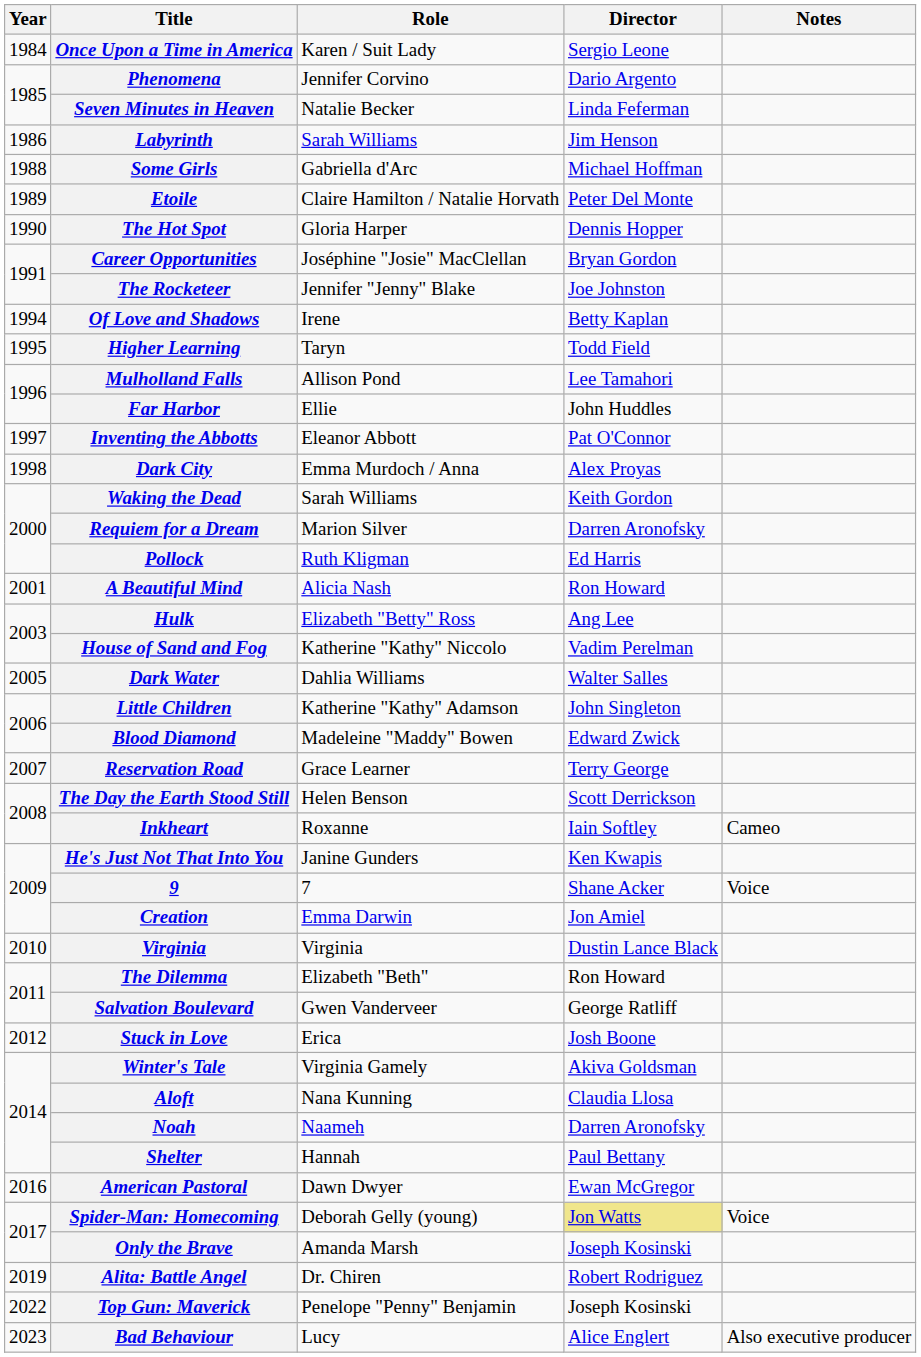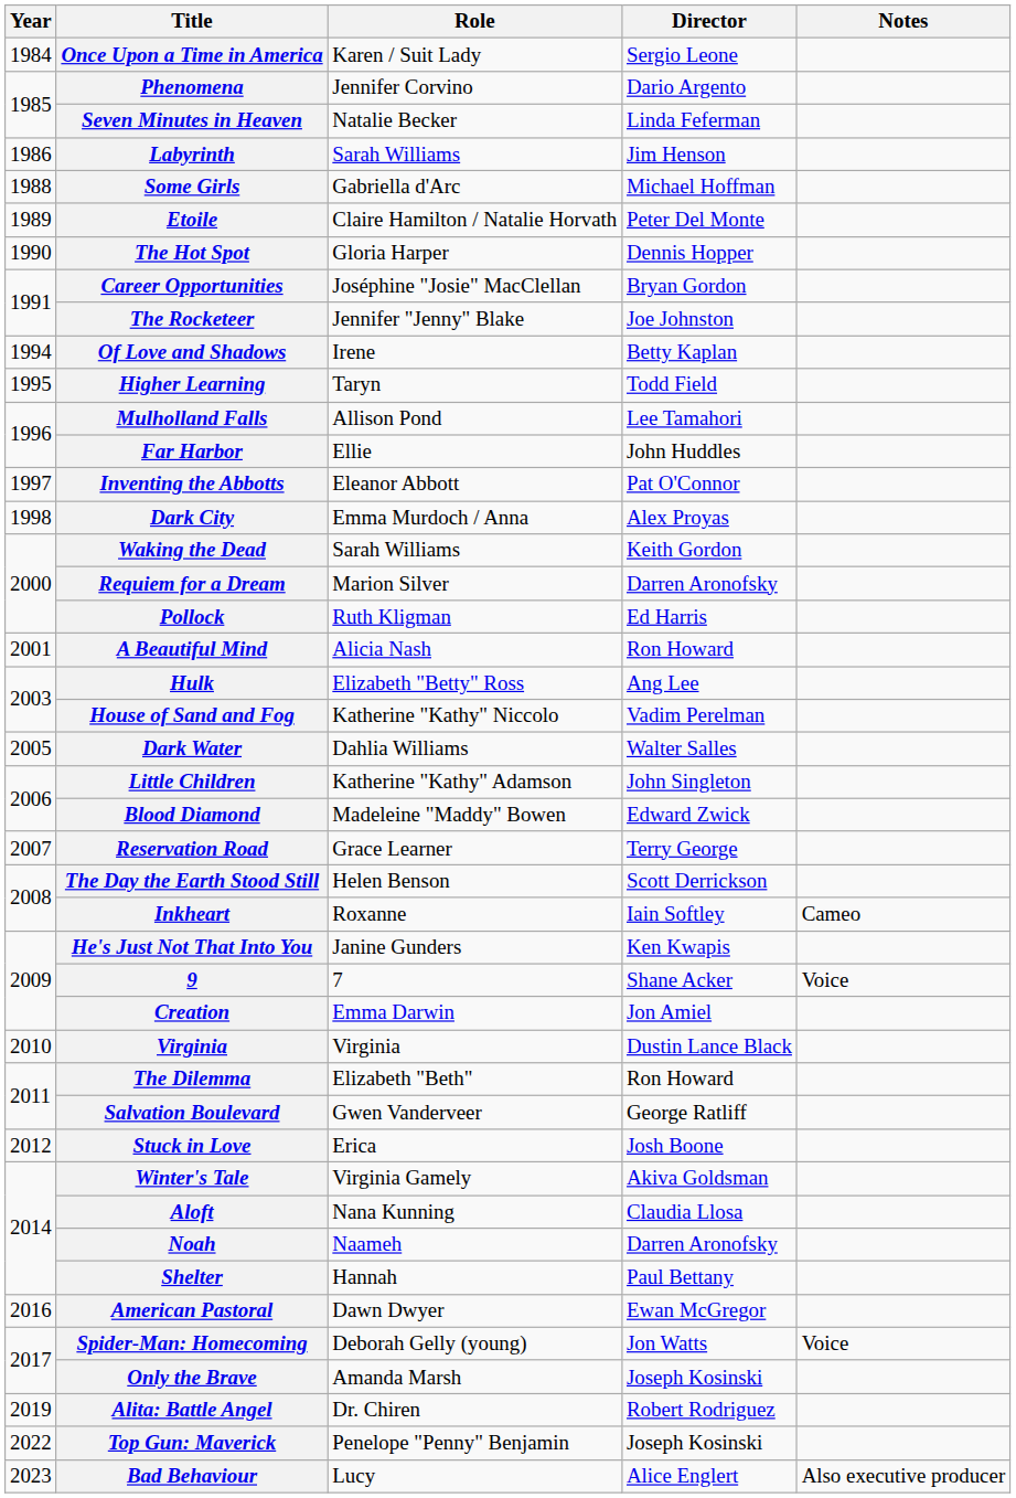 <table class="wikitable plainrowheaders sortable">
 <tr>
 <th>Year</th>
 <th>Title</th>
 <th>Role</th>
 <th>Director</th>
 <th class="unsortable">Notes</th>
 </tr>
 <tr>
 <td>1984</td>
 <th scope="row"><em><a href='#'>Once Upon a Time in America</a></em></th>
 <td>Karen / Suit Lady</td>
 <td><a href='#'>Sergio Leone</a></td>
 <td></td>
 </tr>
 <tr>
 <td rowspan="2">1985</td>
 <th scope="row"><em><a href='#'>Phenomena</a></em></th>
 <td>Jennifer Corvino</td>
 <td><a href='#'>Dario Argento</a></td>
 <td></td>
 </tr>
 <tr>
 <th scope="row"><em><a href='#'>Seven Minutes in Heaven</a></em></th>
 <td>Natalie Becker</td>
 <td><a href='#'>Linda Feferman</a></td>
 <td></td>
 </tr>
 <tr>
 <td>1986</td>
 <th scope="row"><em><a href='#'>Labyrinth</a></em></th>
 <td><a href='#'>Sarah Williams</a></td>
 <td><a href='#'>Jim Henson</a></td>
 <td></td>
 </tr>
 <tr>
 <td>1988</td>
 <th scope="row"><em><a href='#'>Some Girls</a></em></th>
 <td>Gabriella d'Arc</td>
 <td><a href='#'>Michael Hoffman</a></td>
 <td></td>
 </tr>
 <tr>
 <td>1989</td>
 <th scope="row"><em><a href='#'>Etoile</a></em></th>
 <td>Claire Hamilton / Natalie Horvath</td>
 <td><a href='#'>Peter Del Monte</a></td>
 <td></td>
 </tr>
 <tr>
 <td>1990</td>
 <th scope="row"><em><a href='#'>The Hot Spot</a></em></th>
 <td>Gloria Harper</td>
 <td><a href='#'>Dennis Hopper</a></td>
 <td></td>
 </tr>
 <tr>
 <td rowspan="2">1991</td>
 <th scope="row"><em><a href='#'>Career Opportunities</a></em></th>
 <td>Joséphine "Josie" MacClellan</td>
 <td><a href='#'>Bryan Gordon</a></td>
 <td></td>
 </tr>
 <tr>
 <th scope="row"><em><a href='#'>The Rocketeer</a></em></th>
 <td>Jennifer "Jenny" Blake</td>
 <td><a href='#'>Joe Johnston</a></td>
 <td></td>
 </tr>
 <tr>
 <td>1994</td>
 <th scope="row"><em><a href='#'>Of Love and Shadows</a></em></th>
 <td>Irene</td>
 <td><a href='#'>Betty Kaplan</a></td>
 <td></td>
 </tr>
 <tr>
 <td>1995</td>
 <th scope="row"><em><a href='#'>Higher Learning</a></em></th>
 <td>Taryn</td>
 <td><a href='#'>Todd Field</a></td>
 <td></td>
 </tr>
 <tr>
 <td rowspan="2">1996</td>
 <th scope="row"><em><a href='#'>Mulholland Falls</a></em></th>
 <td>Allison Pond</td>
 <td><a href='#'>Lee Tamahori</a></td>
 <td></td>
 </tr>
 <tr>
 <th scope="row"><em><a href='#'>Far Harbor</a></em></th>
 <td>Ellie</td>
 <td>John Huddles</td>
 <td></td>
 </tr>
 <tr>
 <td>1997</td>
 <th scope="row"><em><a href='#'>Inventing the Abbotts</a></em></th>
 <td>Eleanor Abbott</td>
 <td><a href='#'>Pat O'Connor</a></td>
 <td></td>
 </tr>
 <tr>
 <td>1998</td>
 <th scope="row"><em><a href='#'>Dark City</a></em></th>
 <td>Emma Murdoch / Anna</td>
 <td><a href='#'>Alex Proyas</a></td>
 <td></td>
 </tr>
 <tr>
 <td rowspan="3">2000</td>
 <th scope="row"><em><a href='#'>Waking the Dead</a></em></th>
 <td>Sarah Williams</td>
 <td><a href='#'>Keith Gordon</a></td>
 <td></td>
 </tr>
 <tr>
 <th scope="row"><em><a href='#'>Requiem for a Dream</a></em></th>
 <td>Marion Silver</td>
 <td><a href='#'>Darren Aronofsky</a></td>
 <td></td>
 </tr>
 <tr>
 <th scope="row"><em><a href='#'>Pollock</a></em></th>
 <td><a href='#'>Ruth Kligman</a></td>
 <td><a href='#'>Ed Harris</a></td>
 <td></td>
 </tr>
 <tr>
 <td>2001</td>
 <th scope="row"><em><a href='#'>A Beautiful Mind</a></em></th>
 <td><a href='#'>Alicia Nash</a></td>
 <td><a href='#'>Ron Howard</a></td>
 <td></td>
 </tr>
 <tr>
 <td rowspan="2">2003</td>
 <th scope="row"><em><a href='#'>Hulk</a></em></th>
 <td><a href='#'>Elizabeth "Betty" Ross</a></td>
 <td><a href='#'>Ang Lee</a></td>
 <td></td>
 </tr>
 <tr>
 <th scope="row"><em><a href='#'>House of Sand and Fog</a></em></th>
 <td>Katherine "Kathy" Niccolo</td>
 <td><a href='#'>Vadim Perelman</a></td>
 <td></td>
 </tr>
 <tr>
 <td>2005</td>
 <th scope="row"><em><a href='#'>Dark Water</a></em></th>
 <td>Dahlia Williams</td>
 <td><a href='#'>Walter Salles</a></td>
 <td></td>
 </tr>
 <tr>
 <td rowspan="2">2006</td>
 <th scope="row"><em><a href='#'>Little Children</a></em></th>
 <td>Katherine "Kathy" Adamson</td>
 <td><a href='#'>John Singleton</a></td>
 <td></td>
 </tr>
 <tr>
 <th scope="row"><em><a href='#'>Blood Diamond</a></em></th>
 <td>Madeleine "Maddy" Bowen</td>
 <td><a href='#'>Edward Zwick</a></td>
 <td></td>
 </tr>
 <tr>
 <td>2007</td>
 <th scope="row"><em><a href='#'>Reservation Road</a></em></th>
 <td>Grace Learner</td>
 <td><a href='#'>Terry George</a></td>
 <td></td>
 </tr>
 <tr>
 <td rowspan="2">2008</td>
 <th scope="row"><em><a href='#'>The Day the Earth Stood Still</a></em></th>
 <td>Helen Benson</td>
 <td><a href='#'>Scott Derrickson</a></td>
 <td></td>
 </tr>
 <tr>
 <th scope="row"><em><a href='#'>Inkheart</a></em></th>
 <td>Roxanne</td>
 <td><a href='#'>Iain Softley</a></td>
 <td>Cameo</td>
 </tr>
 <tr>
 <td rowspan="3">2009</td>
 <th scope="row"><em><a href='#'>He's Just Not That Into You</a></em></th>
 <td>Janine Gunders</td>
 <td><a href='#'>Ken Kwapis</a></td>
 <td></td>
 </tr>
 <tr>
 <th scope="row"><em><a href='#'>9</a></em></th>
 <td>7</td>
 <td><a href='#'>Shane Acker</a></td>
 <td>Voice</td>
 </tr>
 <tr>
 <th scope="row"><em><a href='#'>Creation</a></em></th>
 <td><a href='#'>Emma Darwin</a></td>
 <td><a href='#'>Jon Amiel</a></td>
 <td></td>
 </tr>
 <tr>
 <td>2010</td>
 <th scope="row"><em><a href='#'>Virginia</a></em></th>
 <td>Virginia</td>
 <td><a href='#'>Dustin Lance Black</a></td>
 <td></td>
 </tr>
 <tr>
 <td rowspan="2">2011</td>
 <th scope="row"><em><a href='#'>The Dilemma</a></em></th>
 <td>Elizabeth "Beth"</td>
 <td>Ron Howard</td>
 <td></td>
 </tr>
 <tr>
 <th scope="row"><em><a href='#'>Salvation Boulevard</a></em></th>
 <td>Gwen Vanderveer</td>
 <td>George Ratliff</td>
 <td></td>
 </tr>
 <tr>
 <td>2012</td>
 <th scope="row"><em><a href='#'>Stuck in Love</a></em></th>
 <td>Erica</td>
 <td><a href='#'>Josh Boone</a></td>
 <td></td>
 </tr>
 <tr>
 <td rowspan="4">2014</td>
 <th scope="row"><em><a href='#'>Winter's Tale</a></em></th>
 <td>Virginia Gamely</td>
 <td><a href='#'>Akiva Goldsman</a></td>
 <td></td>
 </tr>
 <tr>
 <th scope="row"><em><a href='#'>Aloft</a></em></th>
 <td>Nana Kunning</td>
 <td><a href='#'>Claudia Llosa</a></td>
 <td></td>
 </tr>
 <tr>
 <th scope="row"><em><a href='#'>Noah</a></em></th>
 <td><a href='#'>Naameh</a></td>
 <td><a href='#'>Darren Aronofsky</a></td>
 <td></td>
 </tr>
 <tr>
 <th scope="row"><em><a href='#'>Shelter</a></em></th>
 <td>Hannah</td>
 <td><a href='#'>Paul Bettany</a></td>
 <td></td>
 </tr>
 <tr>
 <td>2016</td>
 <th scope="row"><em><a href='#'>American Pastoral</a></em></th>
 <td>Dawn Dwyer</td>
 <td><a href='#'>Ewan McGregor</a></td>
 <td></td>
 </tr>
 <tr>
 <td rowspan="2">2017</td>
 <th scope="row"><em><a href='#'>Spider-Man: Homecoming</a></em></th>
 <td>Deborah Gelly (young)</td>
-<td style="background: khaki;"><a href='#'>Jon Watts</a></td>
+<td><a href='#'>Jon Watts</a></td>
 <td>Voice</td>
 </tr>
 <tr>
 <th scope="row"><em><a href='#'>Only the Brave</a></em></th>
 <td>Amanda Marsh</td>
 <td><a href='#'>Joseph Kosinski</a></td>
 <td></td>
 </tr>
 <tr>
 <td>2019</td>
 <th scope="row"><em><a href='#'>Alita: Battle Angel</a></em></th>
 <td>Dr. Chiren</td>
 <td><a href='#'>Robert Rodriguez</a></td>
 <td></td>
 </tr>
 <tr>
 <td>2022</td>
 <th scope="row"><em><a href='#'>Top Gun: Maverick</a></em></th>
 <td>Penelope "Penny" Benjamin</td>
 <td>Joseph Kosinski</td>
 <td></td>
 </tr>
 <tr>
 <td>2023</td>
 <th scope="row"><em><a href='#'>Bad Behaviour</a></em></th>
 <td>Lucy</td>
 <td><a href='#'>Alice Englert</a></td>
 <td>Also executive producer</td>
 </tr>
 </table>
